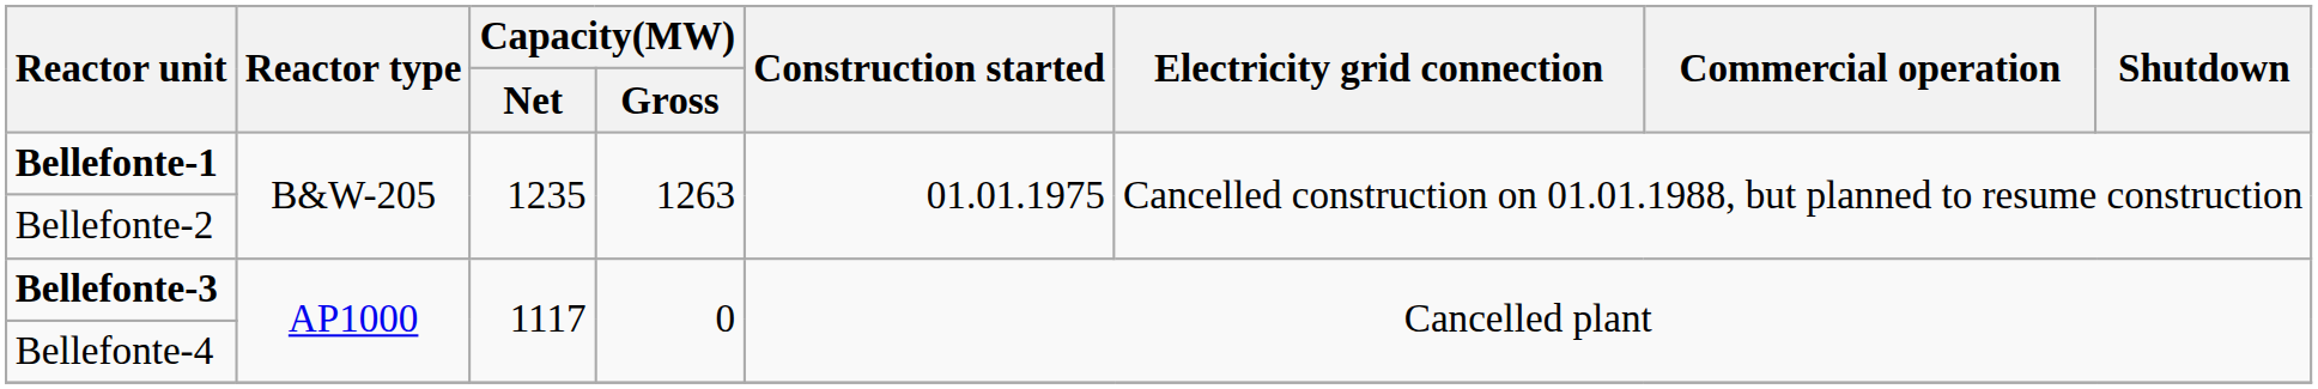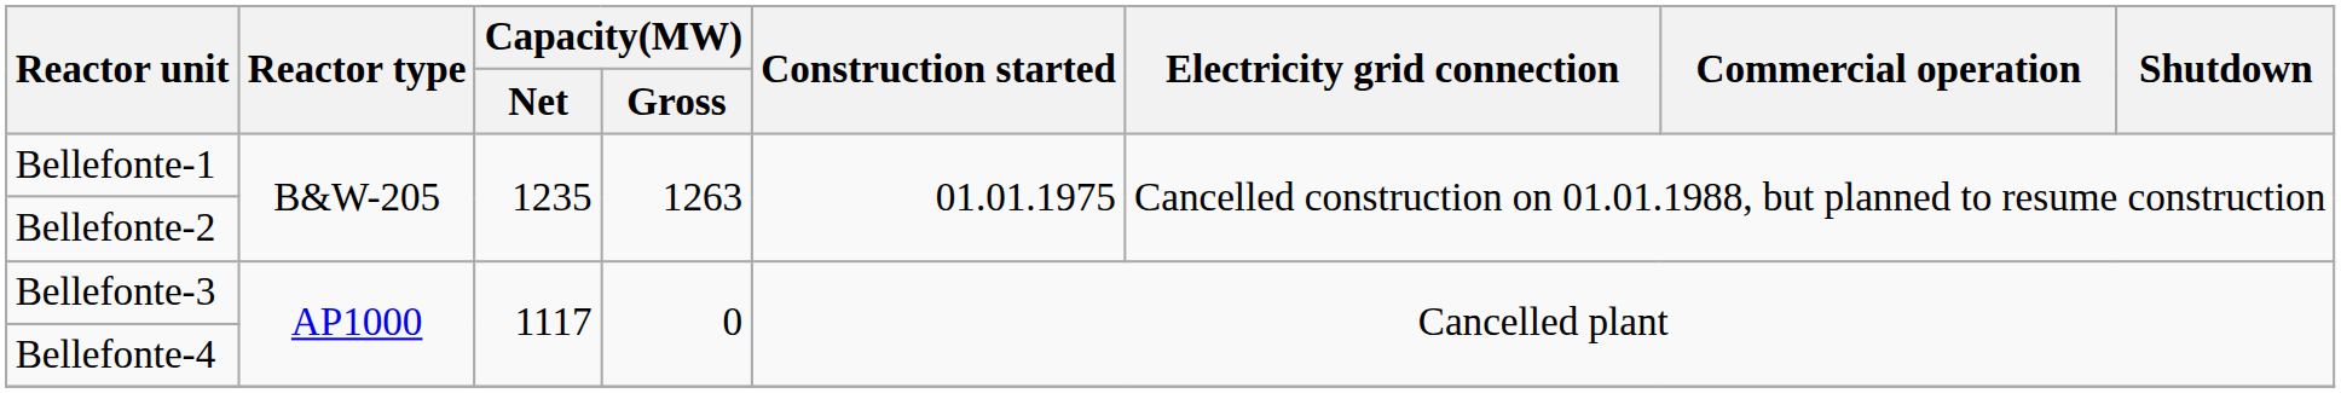 <table class="wikitable">
 <tr>
 <th rowspan="2">Reactor unit</th>
 <th rowspan="2">Reactor type</th>
 <th colspan="2">Capacity(MW)</th>
 <th rowspan="2">Construction started</th>
 <th rowspan="2">Electricity grid connection</th>
 <th rowspan="2">Commercial operation</th>
 <th rowspan="2">Shutdown</th>
 </tr>
 <tr>
 <th>Net</th>
 <th>Gross</th>
 </tr>
 <tr>
-<td><strong>Bellefonte-1</strong></td>
+<td>Bellefonte-1</td>
 <td rowspan="2" align="center">B&W-205</td>
 <td rowspan="2" align="right">1235</td>
 <td rowspan="2" align="right">1263</td>
 <td rowspan="2" align="right">01.01.1975</td>
 <td colspan="3" rowspan="2" style="text-align:center;">Cancelled construction on 01.01.1988, but planned to resume construction</td>
 </tr>
 <tr>
 <td>Bellefonte-2</td>
 </tr>
 <tr>
-<td><strong>Bellefonte-3</strong></td>
+<td>Bellefonte-3</td>
 <td rowspan="2" align="center"><a href='#'>AP1000</a></td>
 <td rowspan="2" align="right">1117</td>
 <td rowspan="2" align="right">0</td>
 <td colspan="4" rowspan="2" style="text-align:center;">Cancelled plant</td>
 </tr>
 <tr>
 <td>Bellefonte-4</td>
 </tr>
 <tr>
 </tr>
 </table>
